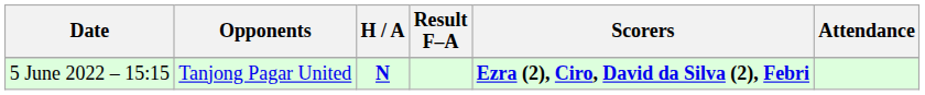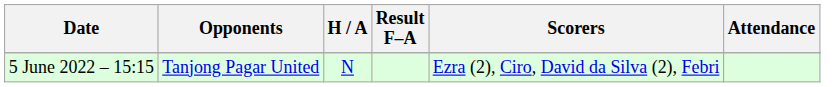 <table class="wikitable" style="text-align:center">
 <tr>
 <th>Date</th>
 <th>Opponents</th>
 <th>H / A</th>
 <th>Result<br>F–A</th>
 <th>Scorers</th>
 <th>Attendance</th>
 </tr>
 <tr>
 </tr>
 <tr style="background:#ddffdd">
 <td>5 June 2022 – 15:15</td>
 <td><a href='#'>Tanjong Pagar United</a></td>
-<td><strong><a href='#'>N</a></strong></td>
+<td><a href='#'>N</a></td>
 <td></td>
-<td><strong><a href='#'>Ezra</a> (2), <a href='#'>Ciro</a>, <a href='#'>David da Silva</a> (2), <a href='#'>Febri</a></strong></td>
+<td><a href='#'>Ezra</a> (2), <a href='#'>Ciro</a>, <a href='#'>David da Silva</a> (2), <a href='#'>Febri</a></td>
 <td></td>
 </tr>
 </table>
